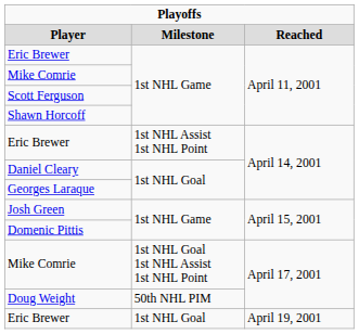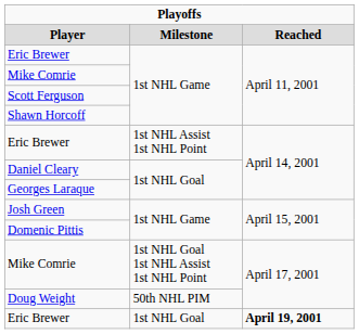 <table class="wikitable" style="width:50%;">
 <tr>
 <td colspan="10" style="text-align:center;"><strong>Playoffs</strong></td>
 </tr>
 <tr style="text-align:center; background:#ddd;">
 <td><strong>Player</strong></td>
 <td><strong>Milestone</strong></td>
 <td><strong>Reached</strong></td>
 </tr>
 <tr>
 <td><a href='#'>Eric Brewer</a></td>
 <td rowspan="4">1st NHL Game</td>
 <td rowspan="4">April 11, 2001</td>
 </tr>
 <tr>
 <td><a href='#'>Mike Comrie</a></td>
 </tr>
 <tr>
 <td><a href='#'>Scott Ferguson</a></td>
 </tr>
 <tr>
 <td><a href='#'>Shawn Horcoff</a></td>
 </tr>
 <tr>
 <td>Eric Brewer</td>
 <td>1st NHL Assist<br>1st NHL Point</td>
 <td rowspan="3">April 14, 2001</td>
 </tr>
 <tr>
 <td><a href='#'>Daniel Cleary</a></td>
 <td rowspan="2">1st NHL Goal</td>
 </tr>
 <tr>
 <td><a href='#'>Georges Laraque</a></td>
 </tr>
 <tr>
 <td><a href='#'>Josh Green</a></td>
 <td rowspan="2">1st NHL Game</td>
 <td rowspan="2">April 15, 2001</td>
 </tr>
 <tr>
 <td><a href='#'>Domenic Pittis</a></td>
 </tr>
 <tr>
 <td>Mike Comrie</td>
 <td>1st NHL Goal<br>1st NHL Assist<br>1st NHL Point</td>
 <td rowspan="2">April 17, 2001</td>
 </tr>
 <tr>
 <td><a href='#'>Doug Weight</a></td>
 <td>50th NHL PIM</td>
 </tr>
 <tr>
 <td>Eric Brewer</td>
 <td>1st NHL Goal</td>
-<td>April 19, 2001</td>
+<td><strong>April 19, 2001</strong></td>
 </tr>
 </table>
